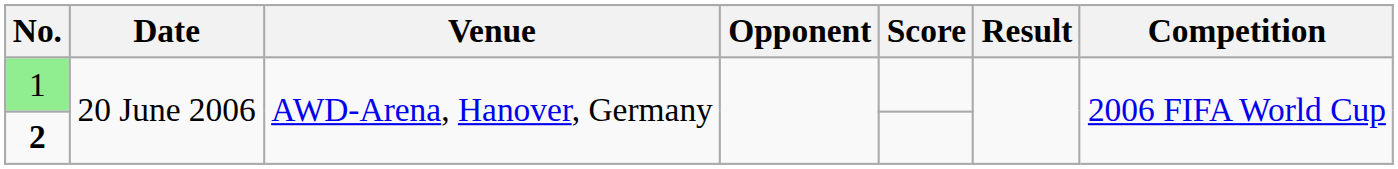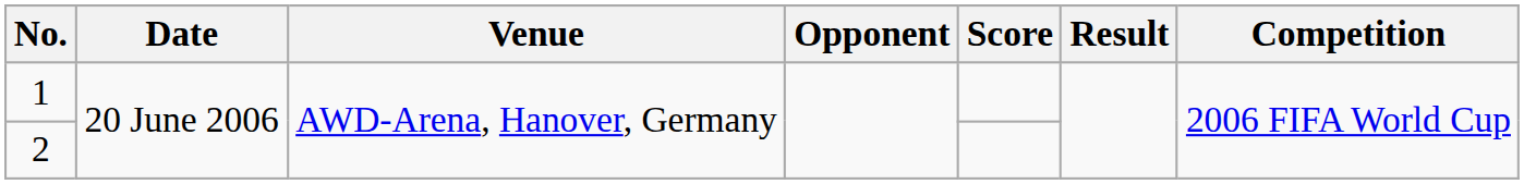 <table class="wikitable sortable">
 <tr>
 <th>No.</th>
 <th>Date</th>
 <th>Venue</th>
 <th>Opponent</th>
 <th>Score</th>
 <th>Result</th>
 <th>Competition</th>
 </tr>
 <tr>
-<td align=center style="background: lightgreen;">1</td>
+<td align=center>1</td>
 <td rowspan="2">20 June 2006</td>
 <td rowspan="2"><a href='#'>AWD-Arena</a>, <a href='#'>Hanover</a>, Germany</td>
 <td rowspan="2"></td>
 <td></td>
 <td rowspan="2"></td>
 <td rowspan="2"><a href='#'>2006 FIFA World Cup</a></td>
 </tr>
 <tr>
-<td align=center><strong>2</strong></td>
+<td align=center>2</td>
 <td></td>
 </tr>
 </table>
